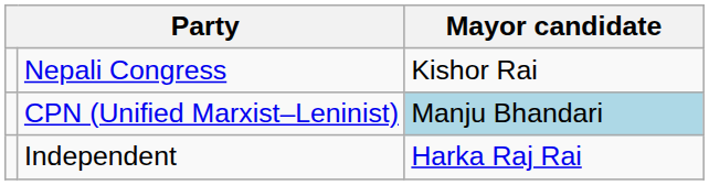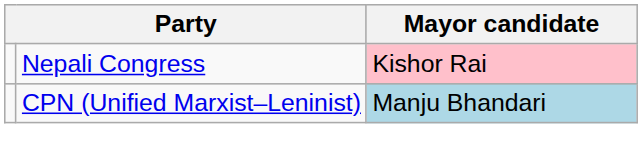 <table class="wikitable">
 <tr>
 <th colspan="2">Party</th>
 <th style="width: 125pt;">Mayor candidate</th>
 </tr>
 <tr>
 <td style="background-color:"></td>
 <td><a href='#'>Nepali Congress</a></td>
-<td>Kishor Rai</td>
+<td style="background: pink;">Kishor Rai</td>
 </tr>
 <tr>
 <td style="background-color:"></td>
 <td><a href='#'>CPN (Unified Marxist–Leninist)</a></td>
 <td style="background: lightblue;">Manju Bhandari</td>
 </tr>
-<tr>
-<td></td>
-<td>Independent</td>
-<td><a href='#'>Harka Raj Rai</a></td>
-</tr>
 </table>
